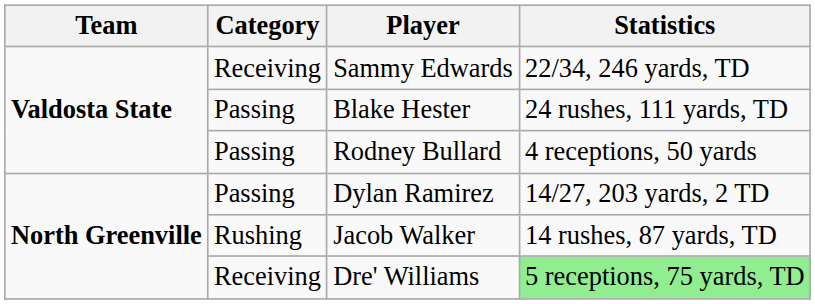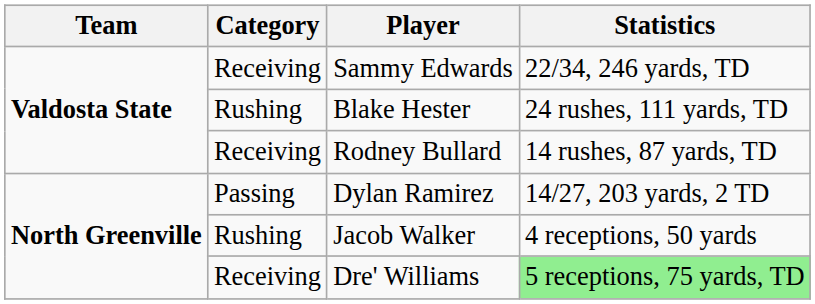 <table class="wikitable" style="float: left;">
 <tr>
 <th>Team</th>
 <th>Category</th>
 <th>Player</th>
 <th>Statistics</th>
 </tr>
 <tr>
 <td rowspan=3><strong>Valdosta State</strong></td>
 <td>Receiving</td>
 <td>Sammy Edwards</td>
 <td>22/34, 246 yards, TD</td>
 </tr>
 <tr>
-<td>Passing</td>
+<td>Rushing</td>
 <td>Blake Hester</td>
 <td>24 rushes, 111 yards, TD</td>
 </tr>
 <tr>
-<td>Passing</td>
+<td>Receiving</td>
 <td>Rodney Bullard</td>
-<td>4 receptions, 50 yards</td>
+<td>14 rushes, 87 yards, TD</td>
 </tr>
 <tr>
 <td rowspan=3><strong>North Greenville</strong></td>
 <td>Passing</td>
 <td>Dylan Ramirez</td>
 <td>14/27, 203 yards, 2 TD</td>
 </tr>
 <tr>
 <td>Rushing</td>
 <td>Jacob Walker</td>
-<td>14 rushes, 87 yards, TD</td>
+<td>4 receptions, 50 yards</td>
 </tr>
 <tr>
 <td>Receiving</td>
 <td>Dre' Williams</td>
 <td style="background: lightgreen;">5 receptions, 75 yards, TD</td>
 </tr>
 </table>
